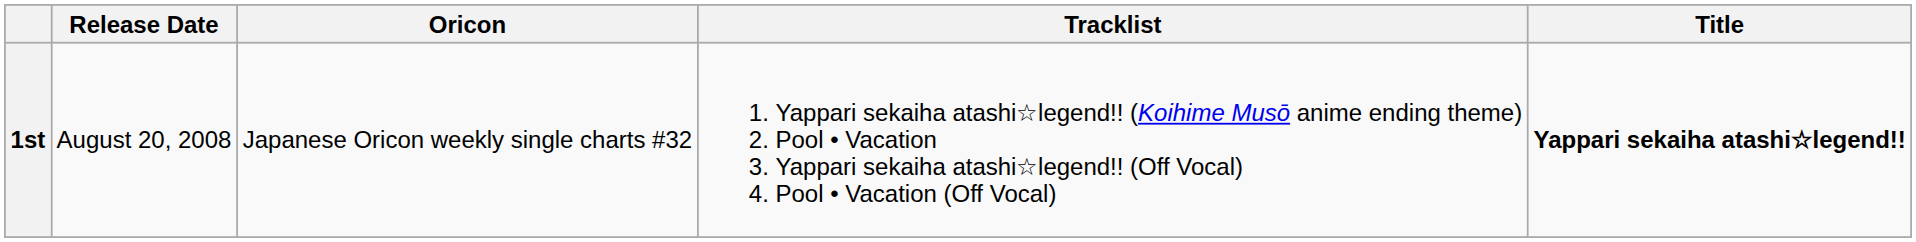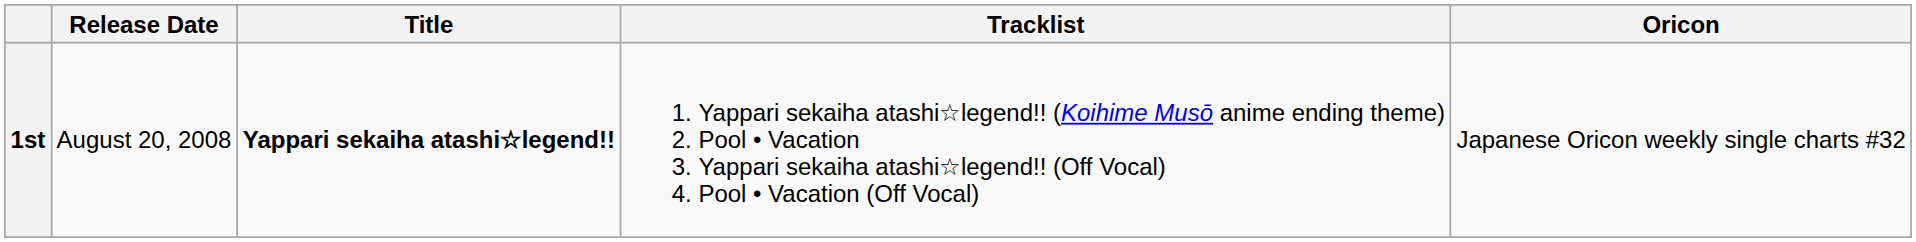 <table class="wikitable" style="font-size:smaller">
 <tr>
 <th> </th>
 <th>Release Date</th>
+<th>Title</th>
+<th>Tracklist</th>
 <th>Oricon</th>
-<th>Tracklist</th>
-<th>Title</th>
 </tr>
 <tr>
 <th>1st</th>
 <td>August 20, 2008</td>
+<td><strong>Yappari sekaiha atashi☆legend!!</strong></td>
+<td><br><ol><li>Yappari sekaiha atashi☆legend!! (<em><a href='#'>Koihime Musō</a></em> anime ending theme)</li><li>Pool • Vacation</li><li>Yappari sekaiha atashi☆legend!! (Off Vocal)</li><li>Pool • Vacation (Off Vocal)</li></ol></td>
 <td>Japanese Oricon weekly single charts #32</td>
-<td><br><ol><li>Yappari sekaiha atashi☆legend!! (<em><a href='#'>Koihime Musō</a></em> anime ending theme)</li><li>Pool • Vacation</li><li>Yappari sekaiha atashi☆legend!! (Off Vocal)</li><li>Pool • Vacation (Off Vocal)</li></ol></td>
-<td><strong>Yappari sekaiha atashi☆legend!!</strong></td>
 </tr>
 </table>
